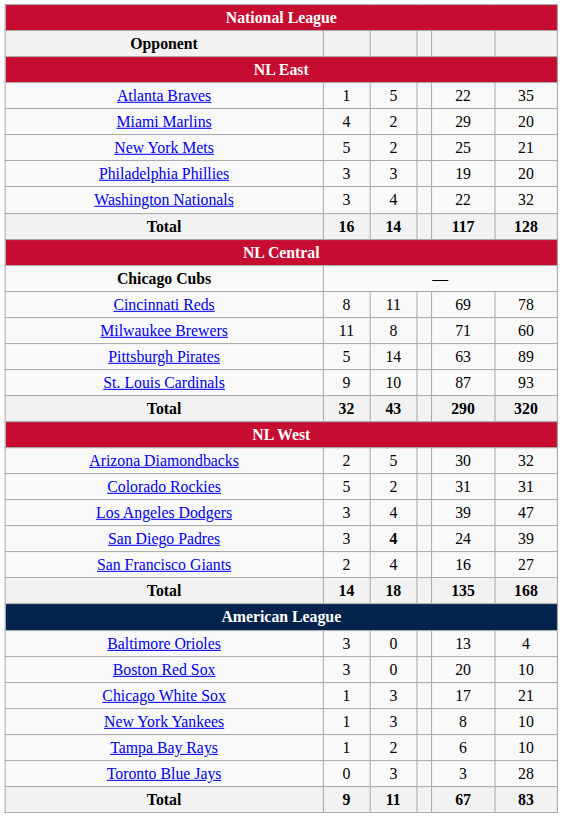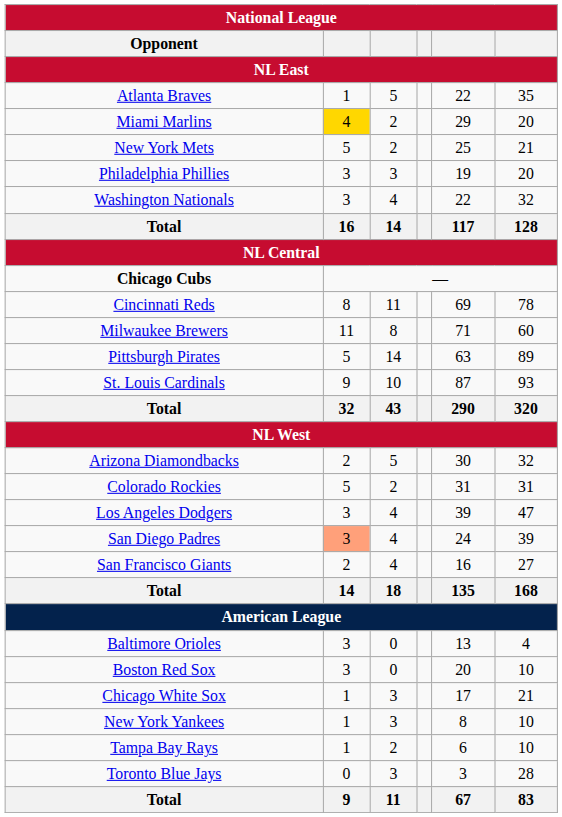 <table class="wikitable" style="font-size:95%; text-align:center; width:35em;margin: 0.5em auto;">
 <tr>
 <td colspan="7" style="background:#c60c30;color:#fff"><strong>National League</strong></td>
 </tr>
 <tr>
 <th>Opponent</th>
 <th></th>
 <th></th>
 <th></th>
 <th></th>
 <th></th>
 </tr>
 <tr>
 <td colspan="7" style="background:#c60c30;color:#fff"><strong>NL East</strong></td>
 </tr>
 <tr>
 <td><a href='#'>Atlanta Braves</a></td>
 <td>1</td>
 <td>5</td>
 <td></td>
 <td>22</td>
 <td>35</td>
 </tr>
 <tr>
 <td><a href='#'>Miami Marlins</a></td>
-<td>4</td>
+<td style="background: gold;">4</td>
 <td>2</td>
 <td></td>
 <td>29</td>
 <td>20</td>
 </tr>
 <tr>
 <td><a href='#'>New York Mets</a></td>
 <td>5</td>
 <td>2</td>
 <td></td>
 <td>25</td>
 <td>21</td>
 </tr>
 <tr>
 <td><a href='#'>Philadelphia Phillies</a></td>
 <td>3</td>
 <td>3</td>
 <td></td>
 <td>19</td>
 <td>20</td>
 </tr>
 <tr>
 <td><a href='#'>Washington Nationals</a></td>
 <td>3</td>
 <td>4</td>
 <td></td>
 <td>22</td>
 <td>32</td>
 </tr>
 <tr>
 <th>Total</th>
 <th>16</th>
 <th>14</th>
 <th></th>
 <th>117</th>
 <th>128</th>
 </tr>
 <tr>
 <td colspan="7" style="background:#c60c30;color:#fff"><strong>NL Central</strong></td>
 </tr>
 <tr>
 <td><strong>Chicago Cubs</strong></td>
 <td colspan="5">—</td>
 </tr>
 <tr>
 <td><a href='#'>Cincinnati Reds</a></td>
 <td>8</td>
 <td>11</td>
 <td></td>
 <td>69</td>
 <td>78</td>
 </tr>
 <tr>
 <td><a href='#'>Milwaukee Brewers</a></td>
 <td>11</td>
 <td>8</td>
 <td></td>
 <td>71</td>
 <td>60</td>
 </tr>
 <tr>
 <td><a href='#'>Pittsburgh Pirates</a></td>
 <td>5</td>
 <td>14</td>
 <td></td>
 <td>63</td>
 <td>89</td>
 </tr>
 <tr>
 <td><a href='#'>St. Louis Cardinals</a></td>
 <td>9</td>
 <td>10</td>
 <td></td>
 <td>87</td>
 <td>93</td>
 </tr>
 <tr>
 <th>Total</th>
 <th>32</th>
 <th>43</th>
 <th></th>
 <th>290</th>
 <th>320</th>
 </tr>
 <tr>
 <td colspan="7" style="background:#c60c30;color:#fff"><strong>NL West</strong></td>
 </tr>
 <tr>
 <td><a href='#'>Arizona Diamondbacks</a></td>
 <td>2</td>
 <td>5</td>
 <td></td>
 <td>30</td>
 <td>32</td>
 </tr>
 <tr>
 <td><a href='#'>Colorado Rockies</a></td>
 <td>5</td>
 <td>2</td>
 <td></td>
 <td>31</td>
 <td>31</td>
 </tr>
 <tr>
 <td><a href='#'>Los Angeles Dodgers</a></td>
 <td>3</td>
 <td>4</td>
 <td></td>
 <td>39</td>
 <td>47</td>
 </tr>
 <tr>
 <td><a href='#'>San Diego Padres</a></td>
-<td>3</td>
-<td><strong>4</strong></td>
+<td style="background: lightsalmon;">3</td>
+<td>4</td>
 <td></td>
 <td>24</td>
 <td>39</td>
 </tr>
 <tr>
 <td><a href='#'>San Francisco Giants</a></td>
 <td>2</td>
 <td>4</td>
 <td></td>
 <td>16</td>
 <td>27</td>
 </tr>
 <tr>
 <th>Total</th>
 <th>14</th>
 <th>18</th>
 <th></th>
 <th>135</th>
 <th>168</th>
 </tr>
 <tr>
 <td colspan="7" style="background:#03224c;color:#fff"><strong>American League</strong></td>
 </tr>
 <tr>
 <td><a href='#'>Baltimore Orioles</a></td>
 <td>3</td>
 <td>0</td>
 <td></td>
 <td>13</td>
 <td>4</td>
 </tr>
 <tr>
 <td><a href='#'>Boston Red Sox</a></td>
 <td>3</td>
 <td>0</td>
 <td></td>
 <td>20</td>
 <td>10</td>
 </tr>
 <tr>
 <td><a href='#'>Chicago White Sox</a></td>
 <td>1</td>
 <td>3</td>
 <td></td>
 <td>17</td>
 <td>21</td>
 </tr>
 <tr>
 <td><a href='#'>New York Yankees</a></td>
 <td>1</td>
 <td>3</td>
 <td></td>
 <td>8</td>
 <td>10</td>
 </tr>
 <tr>
 <td><a href='#'>Tampa Bay Rays</a></td>
 <td>1</td>
 <td>2</td>
 <td></td>
 <td>6</td>
 <td>10</td>
 </tr>
 <tr>
 <td><a href='#'>Toronto Blue Jays</a></td>
 <td>0</td>
 <td>3</td>
 <td></td>
 <td>3</td>
 <td>28</td>
 </tr>
 <tr>
 <th>Total</th>
 <th>9</th>
 <th>11</th>
 <th></th>
 <th>67</th>
 <th>83</th>
 </tr>
 </table>
